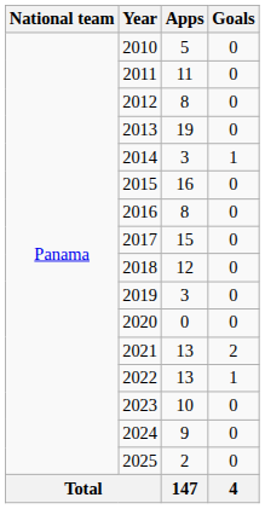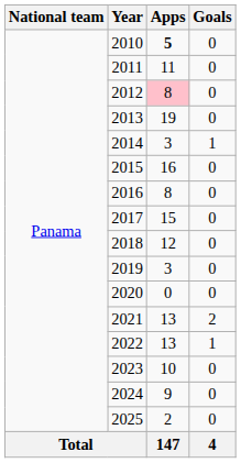 <table class="wikitable" style="text-align:center">
 <tr>
 <th>National team</th>
 <th>Year</th>
 <th>Apps</th>
 <th>Goals</th>
 </tr>
 <tr>
 <td rowspan="16"><a href='#'>Panama</a></td>
 <td>2010</td>
-<td>5</td>
+<td><strong>5</strong></td>
 <td>0</td>
 </tr>
 <tr>
 <td>2011</td>
 <td>11</td>
 <td>0</td>
 </tr>
 <tr>
 <td>2012</td>
-<td>8</td>
+<td style="background: pink;">8</td>
 <td>0</td>
 </tr>
 <tr>
 <td>2013</td>
 <td>19</td>
 <td>0</td>
 </tr>
 <tr>
 <td>2014</td>
 <td>3</td>
 <td>1</td>
 </tr>
 <tr>
 <td>2015</td>
 <td>16</td>
 <td>0</td>
 </tr>
 <tr>
 <td>2016</td>
 <td>8</td>
 <td>0</td>
 </tr>
 <tr>
 <td>2017</td>
 <td>15</td>
 <td>0</td>
 </tr>
 <tr>
 <td>2018</td>
 <td>12</td>
 <td>0</td>
 </tr>
 <tr>
 <td>2019</td>
 <td>3</td>
 <td>0</td>
 </tr>
 <tr>
 <td>2020</td>
 <td>0</td>
 <td>0</td>
 </tr>
 <tr>
 <td>2021</td>
 <td>13</td>
 <td>2</td>
 </tr>
 <tr>
 <td>2022</td>
 <td>13</td>
 <td>1</td>
 </tr>
 <tr>
 <td>2023</td>
 <td>10</td>
 <td>0</td>
 </tr>
 <tr>
 <td>2024</td>
 <td>9</td>
 <td>0</td>
 </tr>
 <tr>
 <td>2025</td>
 <td>2</td>
 <td>0</td>
 </tr>
 <tr>
 <th colspan="2">Total</th>
 <th>147</th>
 <th>4</th>
 </tr>
 </table>
